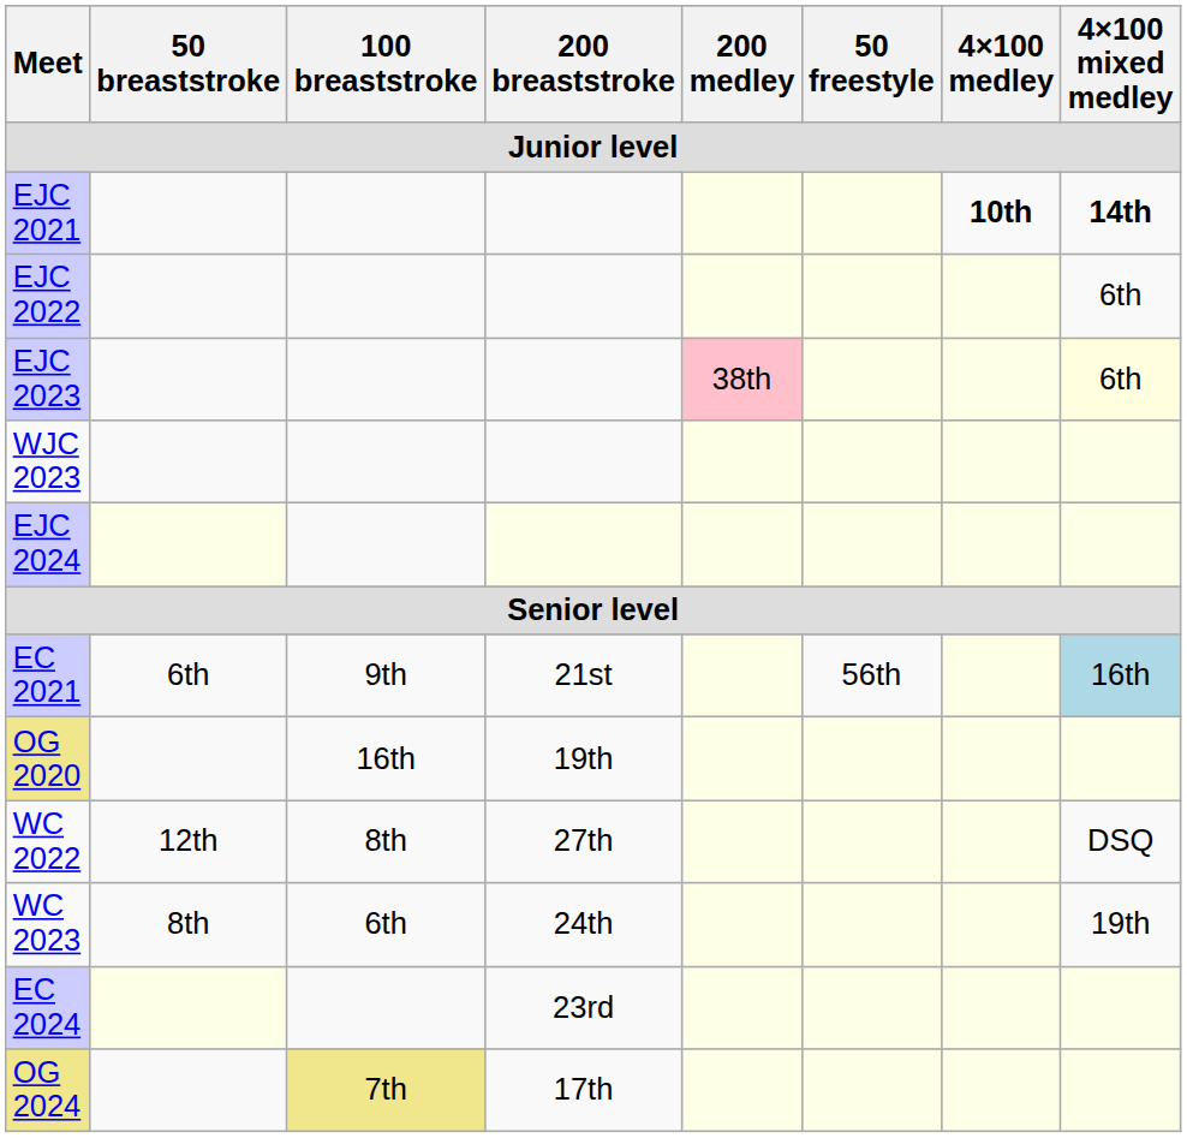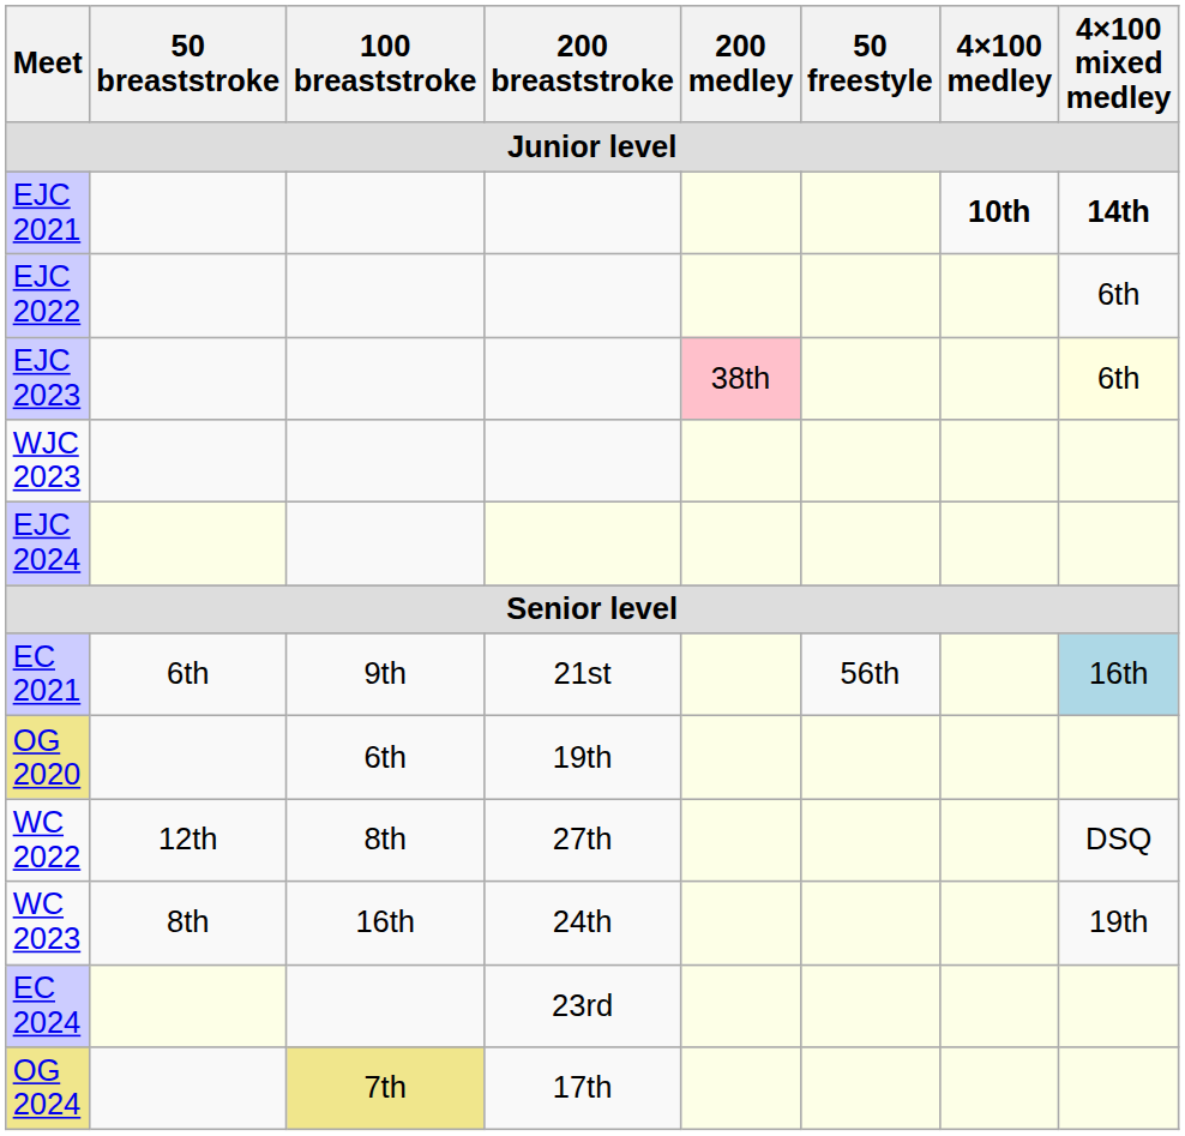 <table class="sortable wikitable">
 <tr>
 <th>Meet</th>
 <th class="unsortable">50 breaststroke</th>
 <th class="unsortable">100 breaststroke</th>
 <th class="unsortable">200 breaststroke</th>
 <th class="unsortable">200 medley</th>
 <th class="unsortable">50 freestyle</th>
 <th class="unsortable">4×100 medley</th>
 <th class="unsortable">4×100 mixed medley</th>
 </tr>
 <tr bgcolor="#DDDDDD">
 <td colspan="8" align="center"><strong>Junior level</strong></td>
 </tr>
 <tr>
 <td style="background:#ccccff"><a href='#'>EJC 2021</a></td>
 <td align="center"></td>
 <td align="center"></td>
 <td align="center"></td>
 <td style="background:#fdffe7"></td>
 <td style="background:#fdffe7"></td>
 <td align="center"><strong>10th</strong></td>
 <td align="center"><strong>14th</strong></td>
 </tr>
 <tr>
 <td style="background:#ccccff"><a href='#'>EJC 2022</a></td>
 <td align="center"></td>
 <td align="center"></td>
 <td align="center"></td>
 <td style="background:#fdffe7"></td>
 <td style="background:#fdffe7"></td>
 <td style="background:#fdffe7"></td>
 <td align="center">6th</td>
 </tr>
 <tr>
 <td style="background:#ccccff"><a href='#'>EJC 2023</a></td>
 <td align="center"></td>
 <td align="center"></td>
 <td align="center"></td>
 <td align="center" style="background: pink;">38th</td>
 <td style="background:#fdffe7"></td>
 <td style="background:#fdffe7"></td>
 <td align="center" style="background: lightyellow;">6th</td>
 </tr>
 <tr>
 <td><a href='#'>WJC 2023</a></td>
 <td align="center"></td>
 <td align="center"></td>
 <td align="center"></td>
 <td style="background:#fdffe7"></td>
 <td style="background:#fdffe7"></td>
 <td style="background:#fdffe7"></td>
 <td style="background:#fdffe7"></td>
 </tr>
 <tr>
 <td style="background:#ccccff"><a href='#'>EJC 2024</a></td>
 <td style="background:#fdffe7"></td>
 <td align="center"></td>
 <td style="background:#fdffe7"></td>
 <td style="background:#fdffe7"></td>
 <td style="background:#fdffe7"></td>
 <td style="background:#fdffe7"></td>
 <td style="background:#fdffe7"></td>
 </tr>
 <tr bgcolor="#DDDDDD">
 <td colspan="9" align="center"><strong>Senior level</strong></td>
 </tr>
 <tr>
 <td style="background:#ccccff"><a href='#'>EC 2021</a></td>
 <td align="center">6th</td>
 <td align="center">9th</td>
 <td align="center">21st</td>
 <td style="background:#fdffe7"></td>
 <td align="center">56th</td>
 <td style="background:#fdffe7"></td>
 <td align="center" style="background: lightblue;">16th</td>
 </tr>
 <tr>
 <td style="background:#f0e68c"><a href='#'>OG 2020</a></td>
 <td></td>
-<td align="center">16th</td>
+<td align="center">6th</td>
 <td align="center">19th</td>
 <td style="background:#fdffe7"></td>
 <td style="background:#fdffe7"></td>
 <td style="background:#fdffe7"></td>
 <td style="background:#fdffe7"></td>
 </tr>
 <tr>
 <td><a href='#'>WC 2022</a></td>
 <td align="center">12th</td>
 <td align="center">8th</td>
 <td align="center">27th</td>
 <td style="background:#fdffe7"></td>
 <td style="background:#fdffe7"></td>
 <td style="background:#fdffe7"></td>
 <td align="center">DSQ</td>
 </tr>
 <tr>
 <td><a href='#'>WC 2023</a></td>
 <td align="center">8th</td>
-<td align="center">6th</td>
+<td align="center">16th</td>
 <td align="center">24th</td>
 <td style="background:#fdffe7"></td>
 <td style="background:#fdffe7"></td>
 <td style="background:#fdffe7"></td>
 <td align="center">19th</td>
 </tr>
 <tr>
 <td style="background:#ccccff"><a href='#'>EC 2024</a></td>
 <td style="background:#fdffe7"></td>
 <td align="center"></td>
 <td align="center">23rd</td>
 <td style="background:#fdffe7"></td>
 <td style="background:#fdffe7"></td>
 <td style="background:#fdffe7"></td>
 <td style="background:#fdffe7"></td>
 </tr>
 <tr>
 <td style="background:#f0e68c"><a href='#'>OG 2024</a></td>
 <td></td>
 <td align="center" style="background: khaki;">7th</td>
 <td align="center">17th</td>
 <td style="background:#fdffe7"></td>
 <td style="background:#fdffe7"></td>
 <td style="background:#fdffe7"></td>
 <td style="background:#fdffe7"></td>
 </tr>
 </table>
